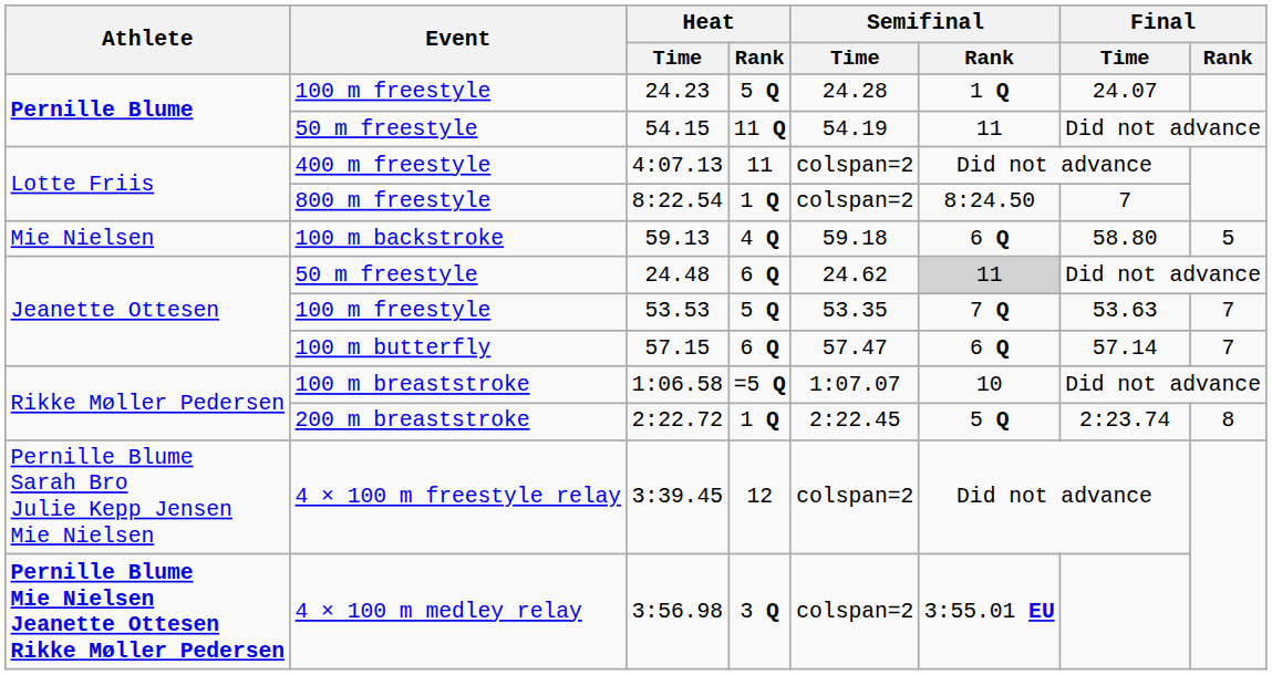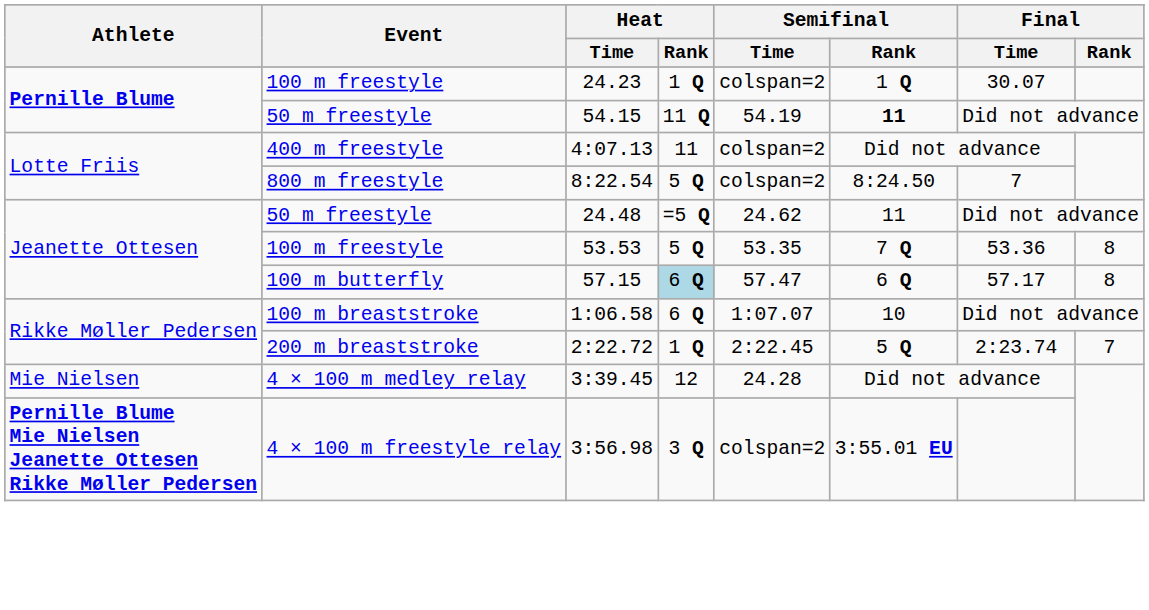 <table class=wikitable style="font-size:90%">
 <tr>
 <th rowspan="2">Athlete</th>
 <th rowspan="2">Event</th>
 <th colspan="2">Heat</th>
 <th colspan="2">Semifinal</th>
 <th colspan="2">Final</th>
 </tr>
 <tr style="font-size:95%">
 <th>Time</th>
 <th>Rank</th>
 <th>Time</th>
 <th>Rank</th>
 <th>Time</th>
 <th>Rank</th>
 </tr>
 <tr align=center>
 <td align=left rowspan=2><strong><a href='#'>Pernille Blume</a></strong></td>
 <td align=left><a href='#'>100 m freestyle</a></td>
 <td>24.23</td>
-<td>5 <strong>Q</strong></td>
-<td>24.28</td>
 <td>1 <strong>Q</strong></td>
-<td>24.07</td>
+<td>colspan=2 </td>
+<td>1 <strong>Q</strong></td>
+<td>30.07</td>
 <td></td>
 </tr>
 <tr align=center>
 <td align=left><a href='#'>50 m freestyle</a></td>
 <td>54.15</td>
 <td>11 <strong>Q</strong></td>
 <td>54.19</td>
-<td>11</td>
+<td><strong>11</strong></td>
 <td colspan=2>Did not advance</td>
 </tr>
 <tr align=center>
 <td align=left rowspan=2><a href='#'>Lotte Friis</a></td>
 <td align=left><a href='#'>400 m freestyle</a></td>
 <td>4:07.13</td>
 <td>11</td>
 <td>colspan=2 </td>
 <td colspan=2>Did not advance</td>
 </tr>
 <tr align=center>
 <td align=left><a href='#'>800 m freestyle</a></td>
 <td>8:22.54</td>
-<td>1 <strong>Q</strong></td>
+<td>5 <strong>Q</strong></td>
 <td>colspan=2 </td>
 <td>8:24.50</td>
 <td>7</td>
 </tr>
 <tr align=center>
-<td align=left><a href='#'>Mie Nielsen</a></td>
-<td align=left><a href='#'>100 m backstroke</a></td>
-<td>59.13</td>
-<td>4 <strong>Q</strong></td>
-<td>59.18</td>
-<td>6 <strong>Q</strong></td>
-<td>58.80</td>
-<td>5</td>
-</tr>
-<tr align=center>
 <td align=left rowspan=3><a href='#'>Jeanette Ottesen</a></td>
 <td align=left><a href='#'>50 m freestyle</a></td>
 <td>24.48</td>
-<td>6 <strong>Q</strong></td>
+<td>=5 <strong>Q</strong></td>
 <td>24.62</td>
-<td style="background: lightgrey;">11</td>
+<td>11</td>
 <td colspan=2>Did not advance</td>
 </tr>
 <tr align=center>
 <td align=left><a href='#'>100 m freestyle</a></td>
 <td>53.53</td>
 <td>5 <strong>Q</strong></td>
 <td>53.35</td>
 <td>7 <strong>Q</strong></td>
-<td>53.63</td>
-<td>7</td>
+<td>53.36</td>
+<td>8</td>
 </tr>
 <tr align=center>
 <td align=left><a href='#'>100 m butterfly</a></td>
 <td>57.15</td>
-<td>6 <strong>Q</strong></td>
+<td style="background: lightblue;">6 <strong>Q</strong></td>
 <td>57.47</td>
 <td>6 <strong>Q</strong></td>
-<td>57.14</td>
-<td>7</td>
+<td>57.17</td>
+<td>8</td>
 </tr>
 <tr align=center>
 <td align=left rowspan=2><a href='#'>Rikke Møller Pedersen</a></td>
 <td align=left><a href='#'>100 m breaststroke</a></td>
 <td>1:06.58</td>
-<td>=5 <strong>Q</strong></td>
+<td>6 <strong>Q</strong></td>
 <td>1:07.07</td>
 <td>10</td>
 <td colspan=2>Did not advance</td>
 </tr>
 <tr align=center>
 <td align=left><a href='#'>200 m breaststroke</a></td>
 <td>2:22.72</td>
 <td>1 <strong>Q</strong></td>
 <td>2:22.45</td>
 <td>5 <strong>Q</strong></td>
 <td>2:23.74</td>
-<td>8</td>
+<td>7</td>
 </tr>
 <tr align=center>
-<td align=left><a href='#'>Pernille Blume</a><br><a href='#'>Sarah Bro</a><br><a href='#'>Julie Kepp Jensen</a><br><a href='#'>Mie Nielsen</a></td>
-<td align=left><a href='#'>4 × 100 m freestyle relay</a></td>
+<td align=left><a href='#'>Mie Nielsen</a></td>
+<td align=left><a href='#'>4 × 100 m medley relay</a></td>
 <td>3:39.45</td>
 <td>12</td>
-<td>colspan=2 </td>
+<td>24.28</td>
 <td colspan=2>Did not advance</td>
 </tr>
 <tr align=center>
 <td align=left><strong><a href='#'>Pernille Blume</a><br><a href='#'>Mie Nielsen</a><br><a href='#'>Jeanette Ottesen</a><br><a href='#'>Rikke Møller Pedersen</a></strong></td>
-<td align=left><a href='#'>4 × 100 m medley relay</a></td>
+<td align=left><a href='#'>4 × 100 m freestyle relay</a></td>
 <td>3:56.98</td>
 <td>3 <strong>Q</strong></td>
 <td>colspan=2 </td>
 <td>3:55.01 <strong><a href='#'>EU</a></strong></td>
 <td></td>
 </tr>
 </table>
